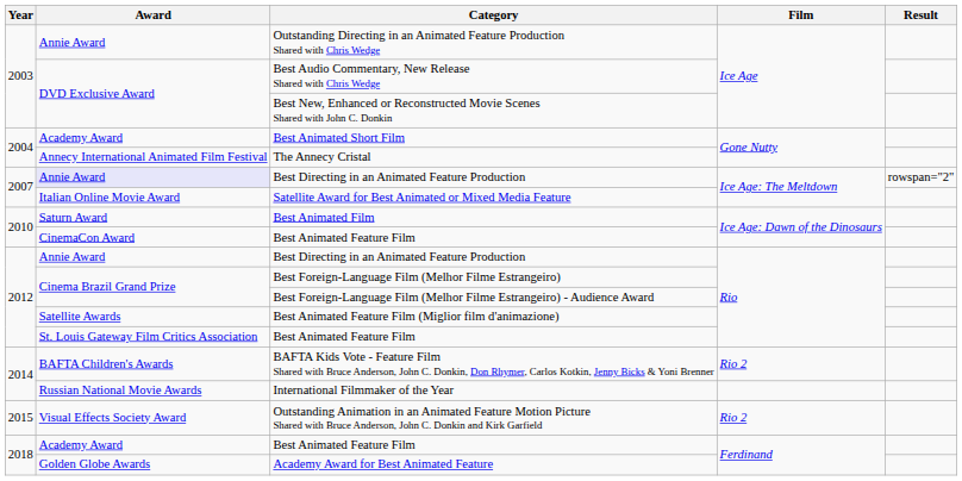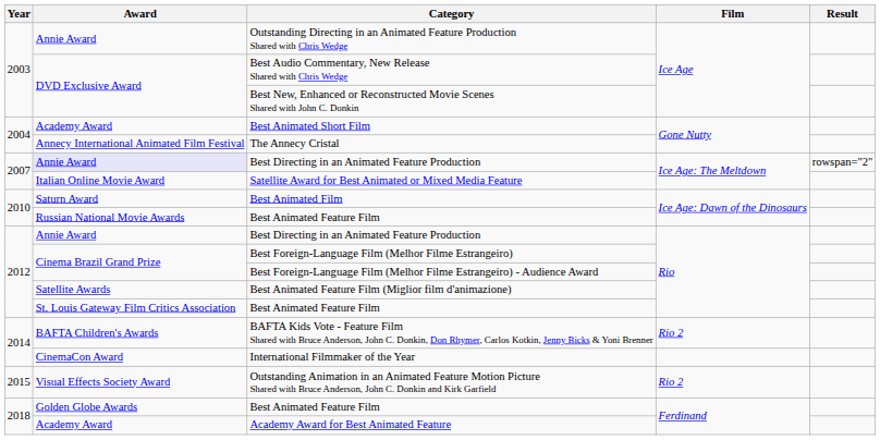 <table class="wikitable">
 <tr>
 <th>Year</th>
 <th>Award</th>
 <th>Category</th>
 <th>Film</th>
 <th>Result</th>
 </tr>
 <tr>
 <td rowspan="3">2003</td>
 <td><a href='#'>Annie Award</a></td>
 <td>Outstanding Directing in an Animated Feature Production<br><small>Shared with <a href='#'>Chris Wedge</a></small></td>
 <td rowspan="3"><em><a href='#'>Ice Age</a></em></td>
 <td></td>
 </tr>
 <tr>
 <td rowspan="2"><a href='#'>DVD Exclusive Award</a></td>
 <td>Best Audio Commentary, New Release<br><small>Shared with <a href='#'>Chris Wedge</a></small></td>
 <td></td>
 </tr>
 <tr>
 <td>Best New, Enhanced or Reconstructed Movie Scenes<br><small>Shared with John C. Donkin</small></td>
 <td></td>
 </tr>
 <tr>
 <td rowspan="2">2004</td>
 <td><a href='#'>Academy Award</a></td>
 <td><a href='#'>Best Animated Short Film</a></td>
 <td rowspan="2"><em><a href='#'>Gone Nutty</a></em></td>
 <td></td>
 </tr>
 <tr>
 <td><a href='#'>Annecy International Animated Film Festival</a></td>
 <td>The Annecy Cristal</td>
 <td></td>
 </tr>
 <tr>
 <td rowspan="2">2007</td>
 <td style="background: lavender;"><a href='#'>Annie Award</a></td>
 <td>Best Directing in an Animated Feature Production</td>
 <td rowspan="2"><em><a href='#'>Ice Age: The Meltdown</a></em></td>
 <td>rowspan="2" </td>
 </tr>
 <tr>
 <td><a href='#'>Italian Online Movie Award</a></td>
 <td><a href='#'>Satellite Award for Best Animated or Mixed Media Feature</a></td>
 </tr>
 <tr>
 <td rowspan="2">2010</td>
 <td><a href='#'>Saturn Award</a></td>
 <td><a href='#'>Best Animated Film</a></td>
 <td rowspan="2"><em><a href='#'>Ice Age: Dawn of the Dinosaurs</a></em></td>
 <td></td>
 </tr>
 <tr>
-<td><a href='#'>CinemaCon Award</a></td>
+<td><a href='#'>Russian National Movie Awards</a></td>
 <td>Best Animated Feature Film</td>
 <td></td>
 </tr>
 <tr>
 <td rowspan="5">2012</td>
 <td><a href='#'>Annie Award</a></td>
 <td>Best Directing in an Animated Feature Production</td>
 <td rowspan="5"><em><a href='#'>Rio</a></em></td>
 <td></td>
 </tr>
 <tr>
 <td rowspan="2"><a href='#'>Cinema Brazil Grand Prize</a></td>
 <td>Best Foreign-Language Film (Melhor Filme Estrangeiro)</td>
 <td></td>
 </tr>
 <tr>
 <td>Best Foreign-Language Film (Melhor Filme Estrangeiro) - Audience Award</td>
 <td></td>
 </tr>
 <tr>
 <td><a href='#'>Satellite Awards</a></td>
 <td>Best Animated Feature Film (Miglior film d'animazione)</td>
 <td></td>
 </tr>
 <tr>
 <td><a href='#'>St. Louis Gateway Film Critics Association</a></td>
 <td>Best Animated Feature Film</td>
 <td></td>
 </tr>
 <tr>
 <td rowspan="2">2014</td>
 <td><a href='#'>BAFTA Children's Awards</a></td>
 <td>BAFTA Kids Vote - Feature Film<br><small>Shared with Bruce Anderson, John C. Donkin, <a href='#'>Don Rhymer</a>, Carlos Kotkin, <a href='#'>Jenny Bicks</a> & Yoni Brenner</small></td>
 <td><em><a href='#'>Rio 2</a></em></td>
 <td></td>
 </tr>
 <tr>
-<td><a href='#'>Russian National Movie Awards</a></td>
+<td><a href='#'>CinemaCon Award</a></td>
 <td>International Filmmaker of the Year</td>
 <td></td>
 <td></td>
 </tr>
 <tr>
 <td>2015</td>
 <td><a href='#'>Visual Effects Society Award</a></td>
 <td>Outstanding Animation in an Animated Feature Motion Picture<br><small>Shared with Bruce Anderson, John C. Donkin and Kirk Garfield</small></td>
 <td><em><a href='#'>Rio 2</a></em></td>
 <td></td>
 </tr>
 <tr>
 <td rowspan=2>2018</td>
-<td><a href='#'>Academy Award</a></td>
+<td><a href='#'>Golden Globe Awards</a></td>
 <td>Best Animated Feature Film</td>
 <td rowspan=2><em><a href='#'>Ferdinand</a></em></td>
 <td></td>
 </tr>
 <tr>
-<td><a href='#'>Golden Globe Awards</a></td>
+<td><a href='#'>Academy Award</a></td>
 <td><a href='#'>Academy Award for Best Animated Feature</a></td>
 <td></td>
 </tr>
 </table>
